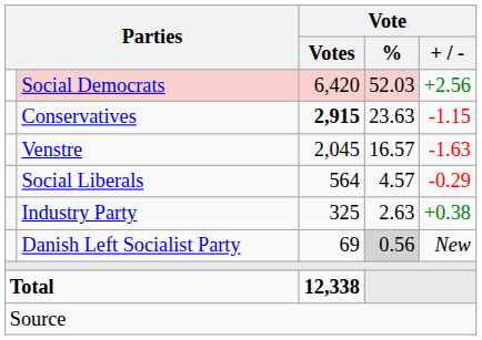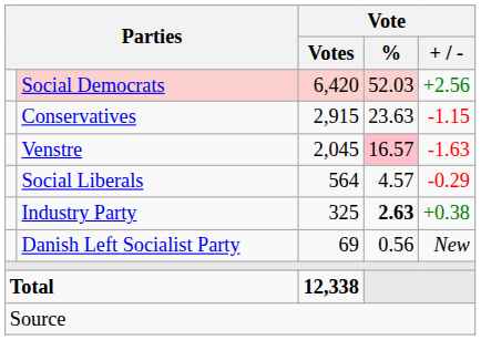 <table class="wikitable" style="text-align:right;">
 <tr>
 <th style="text-align:centre;" rowspan="2" colspan="2" width="225">Parties</th>
 <th colspan="3">Vote</th>
 </tr>
 <tr>
 <th width="15">Votes</th>
 <th width="15">%</th>
 <th width="15">+ / -</th>
 </tr>
 <tr>
 <td width="2" style="color:inherit;background:"></td>
 <td bgcolor=#fbd0ce  align="left"><a href='#'>Social Democrats</a></td>
 <td bgcolor=#fbd0ce>6,420</td>
 <td bgcolor=#fbd0ce>52.03</td>
 <td style=color:green;>+2.56</td>
 </tr>
 <tr>
 <td width="2" style="color:inherit;background:"></td>
 <td align="left"><a href='#'>Conservatives</a></td>
-<td><strong>2,915</strong></td>
+<td>2,915</td>
 <td>23.63</td>
 <td style=color:red;>-1.15</td>
 </tr>
 <tr>
 <td width="2" style="color:inherit;background:"></td>
 <td align="left"><a href='#'>Venstre</a></td>
 <td>2,045</td>
-<td>16.57</td>
+<td style="background: pink;">16.57</td>
 <td style=color:red;>-1.63</td>
 </tr>
 <tr>
 <td width="2" style="color:inherit;background:"></td>
 <td align="left"><a href='#'>Social Liberals</a></td>
 <td>564</td>
 <td>4.57</td>
 <td style=color:red;>-0.29</td>
 </tr>
 <tr>
 <td width="2" style="color:inherit;background:"></td>
 <td align="left"><a href='#'>Industry Party</a></td>
 <td>325</td>
-<td>2.63</td>
+<td><strong>2.63</strong></td>
 <td style=color:green;>+0.38</td>
 </tr>
 <tr>
 <td width="2" style="color:inherit;background:"></td>
 <td align="left"><a href='#'>Danish Left Socialist Party</a></td>
 <td>69</td>
-<td style="background: lightgrey;">0.56</td>
+<td>0.56</td>
 <td><em>New</em></td>
 </tr>
 <tr>
 <td colspan="7" bgcolor="#E9E9E9"></td>
 </tr>
 <tr>
 <td align="left" colspan="2"><strong>Total</strong></td>
 <td><strong>12,338</strong></td>
 <td bgcolor="#E9E9E9" colspan="2"></td>
 </tr>
 <tr>
 <td align="left" colspan="6">Source</td>
 </tr>
 </table>
